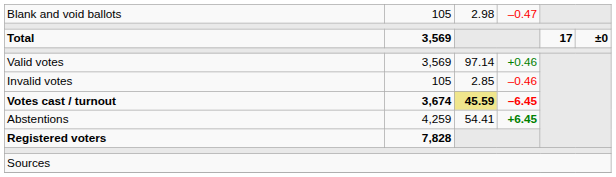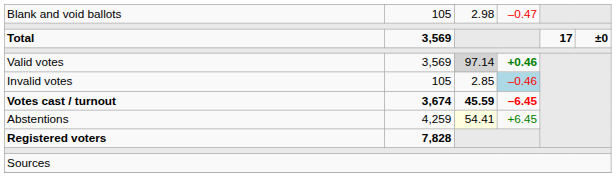 <table class="wikitable" style="text-align:right; font-size:98%; margin-top:-1px">
 <tr>
 <td align="left" width="500">Blank and void ballots</td>
 <td width="85">105</td>
 <td width="50">2.98</td>
 <td width="50" style="color:red;">–0.47</td>
 <td bgcolor="#E9E9E9" colspan="2"></td>
 </tr>
 <tr>
 <td colspan="6" bgcolor="#E9E9E9"></td>
 </tr>
 <tr style="font-weight:bold;">
 <td align="left">Total</td>
 <td>3,569</td>
 <td bgcolor="#E9E9E9" colspan="2"></td>
 <td width="40">17</td>
 <td width="40">±0</td>
 </tr>
 <tr>
 <td colspan="6" bgcolor="#E9E9E9"></td>
 </tr>
 <tr>
 <td align="left">Valid votes</td>
 <td>3,569</td>
-<td>97.14</td>
-<td style="color:green;">+0.46</td>
+<td style="background: lightgrey;">97.14</td>
+<td style="color:green;"><strong>+0.46</strong></td>
 <td bgcolor="#E9E9E9" colspan="2" rowspan="5"></td>
 </tr>
 <tr>
 <td align="left">Invalid votes</td>
 <td>105</td>
 <td>2.85</td>
-<td style="color:red;">–0.46</td>
+<td style="background: lightblue; color:red;">–0.46</td>
 </tr>
 <tr style="font-weight:bold;">
 <td align="left">Votes cast / turnout</td>
 <td>3,674</td>
-<td style="background: khaki;">45.59</td>
+<td>45.59</td>
 <td style="color:red;">–6.45</td>
 </tr>
 <tr>
 <td align="left">Abstentions</td>
 <td>4,259</td>
-<td>54.41</td>
-<td style="color:green;"><strong>+6.45</strong></td>
+<td style="background: lightyellow;">54.41</td>
+<td style="color:green;">+6.45</td>
 </tr>
 <tr style="font-weight:bold;">
 <td align="left">Registered voters</td>
 <td>7,828</td>
 <td bgcolor="#E9E9E9" colspan="2"></td>
 </tr>
 <tr>
 <td colspan="6" bgcolor="#E9E9E9"></td>
 </tr>
 <tr>
 <td align="left" colspan="6">Sources</td>
 </tr>
 <tr>
 </tr>
 </table>
